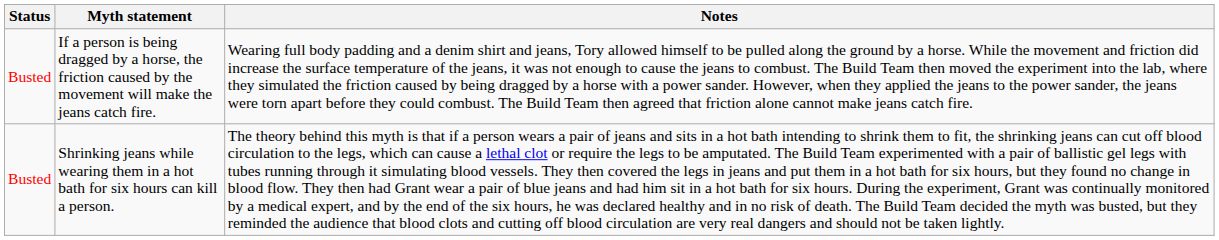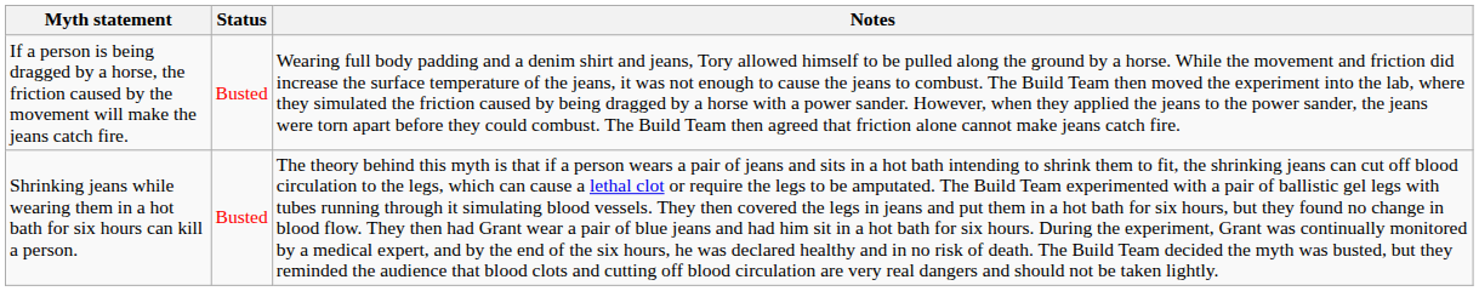 <table class="wikitable plainrowheaders">
 <tr>
+<th>Myth statement</th>
 <th>Status</th>
-<th>Myth statement</th>
 <th>Notes</th>
 </tr>
 <tr>
+<td>If a person is being dragged by a horse, the friction caused by the movement will make the jeans catch fire.</td>
 <td style="color:red">Busted</td>
-<td>If a person is being dragged by a horse, the friction caused by the movement will make the jeans catch fire.</td>
 <td>Wearing full body padding and a denim shirt and jeans, Tory allowed himself to be pulled along the ground by a horse. While the movement and friction did increase the surface temperature of the jeans, it was not enough to cause the jeans to combust. The Build Team then moved the experiment into the lab, where they simulated the friction caused by being dragged by a horse with a power sander. However, when they applied the jeans to the power sander, the jeans were torn apart before they could combust. The Build Team then agreed that friction alone cannot make jeans catch fire.</td>
 </tr>
 <tr>
+<td>Shrinking jeans while wearing them in a hot bath for six hours can kill a person.</td>
 <td style="color:red">Busted</td>
-<td>Shrinking jeans while wearing them in a hot bath for six hours can kill a person.</td>
 <td>The theory behind this myth is that if a person wears a pair of jeans and sits in a hot bath intending to shrink them to fit, the shrinking jeans can cut off blood circulation to the legs, which can cause a <a href='#'>lethal clot</a> or require the legs to be amputated. The Build Team experimented with a pair of ballistic gel legs with tubes running through it simulating blood vessels. They then covered the legs in jeans and put them in a hot bath for six hours, but they found no change in blood flow. They then had Grant wear a pair of blue jeans and had him sit in a hot bath for six hours. During the experiment, Grant was continually monitored by a medical expert, and by the end of the six hours, he was declared healthy and in no risk of death. The Build Team decided the myth was busted, but they reminded the audience that blood clots and cutting off blood circulation are very real dangers and should not be taken lightly.</td>
 </tr>
 </table>
